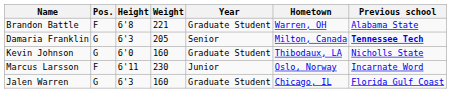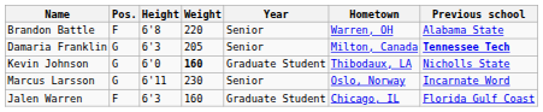 <table class="wikitable sortable" border="1">
 <tr align=center>
 <th>Name</th>
 <th>Pos.</th>
 <th>Height</th>
 <th>Weight</th>
 <th>Year</th>
 <th>Hometown</th>
 <th>Previous school</th>
 </tr>
 <tr>
 <td>Brandon Battle</td>
 <td>F</td>
 <td>6'8</td>
-<td>221</td>
-<td>Graduate Student</td>
+<td>220</td>
+<td>Senior</td>
 <td><a href='#'>Warren, OH</a></td>
 <td><a href='#'>Alabama State</a></td>
 </tr>
 <tr>
 <td>Damaria Franklin</td>
 <td>G</td>
 <td>6'3</td>
 <td>205</td>
 <td>Senior</td>
 <td><a href='#'>Milton, Canada</a></td>
 <td><strong><a href='#'>Tennessee Tech</a></strong></td>
 </tr>
 <tr>
 <td>Kevin Johnson</td>
 <td>G</td>
 <td>6'0</td>
-<td>160</td>
+<td><strong>160</strong></td>
 <td>Graduate Student</td>
 <td><a href='#'>Thibodaux, LA</a></td>
 <td><a href='#'>Nicholls State</a></td>
 </tr>
 <tr>
 <td>Marcus Larsson</td>
-<td>F</td>
+<td>G</td>
 <td>6'11</td>
 <td>230</td>
-<td>Junior</td>
+<td>Senior</td>
 <td><a href='#'>Oslo, Norway</a></td>
 <td><a href='#'>Incarnate Word</a></td>
 </tr>
 <tr>
 <td>Jalen Warren</td>
-<td>G</td>
+<td>F</td>
 <td>6'3</td>
 <td>160</td>
 <td>Graduate Student</td>
 <td><a href='#'>Chicago, IL</a></td>
 <td><a href='#'>Florida Gulf Coast</a></td>
 </tr>
 </table>
